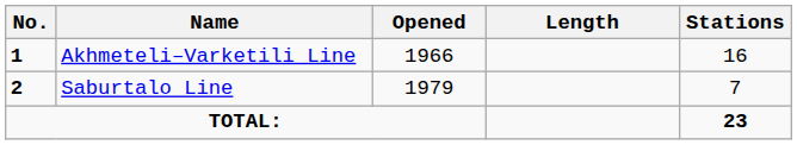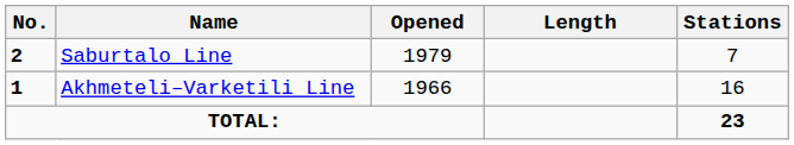 <table class="wikitable">
 <tr>
 <th style="width: 2em;">No.</th>
 <th style="width: 15em;">Name</th>
 <th style="width: 5em;">Opened</th>
 <th style="width: 9em;">Length</th>
 <th style="width: 5em;">Stations</th>
 </tr>
 <tr>
+<td style="background:#"><strong>2</strong></td>
+<td style="text-align: left;"><a href='#'>Saburtalo Line</a></td>
+<td style="text-align: center;">1979</td>
+<td style="text-align: right;"></td>
+<td style="text-align: center;">7</td>
+</tr>
+<tr>
 <td style="background:#"><strong>1</strong></td>
 <td style="text-align: left;"><a href='#'>Akhmeteli–Varketili Line</a></td>
 <td style="text-align: center;">1966</td>
 <td style="text-align: right;"></td>
 <td style="text-align: center;">16</td>
 </tr>
 <tr>
-<td style="background:#"><strong>2</strong></td>
-<td style="text-align: left;"><a href='#'>Saburtalo Line</a></td>
-<td style="text-align: center;">1979</td>
-<td style="text-align: right;"></td>
-<td style="text-align: center;">7</td>
-</tr>
-<tr>
 <td colspan="3" style="text-align: center;"><strong>TOTAL:</strong></td>
 <td style="text-align: right;"><strong></strong></td>
 <td style="text-align: center;"><strong>23</strong></td>
 </tr>
 </table>
